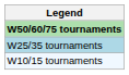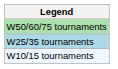 <table class="wikitable" style="font-size:85%">
 <tr>
 <th>Legend</th>
 </tr>
 <tr style="background:#addfad;">
-<td><strong>W50/60/75 tournaments</strong></td>
+<td>W50/60/75 tournaments</td>
 </tr>
 <tr style="background:lightblue;">
 <td>W25/35 tournaments</td>
 </tr>
 <tr style="background:#f0f8ff;">
 <td>W10/15 tournaments</td>
 </tr>
 </table>
